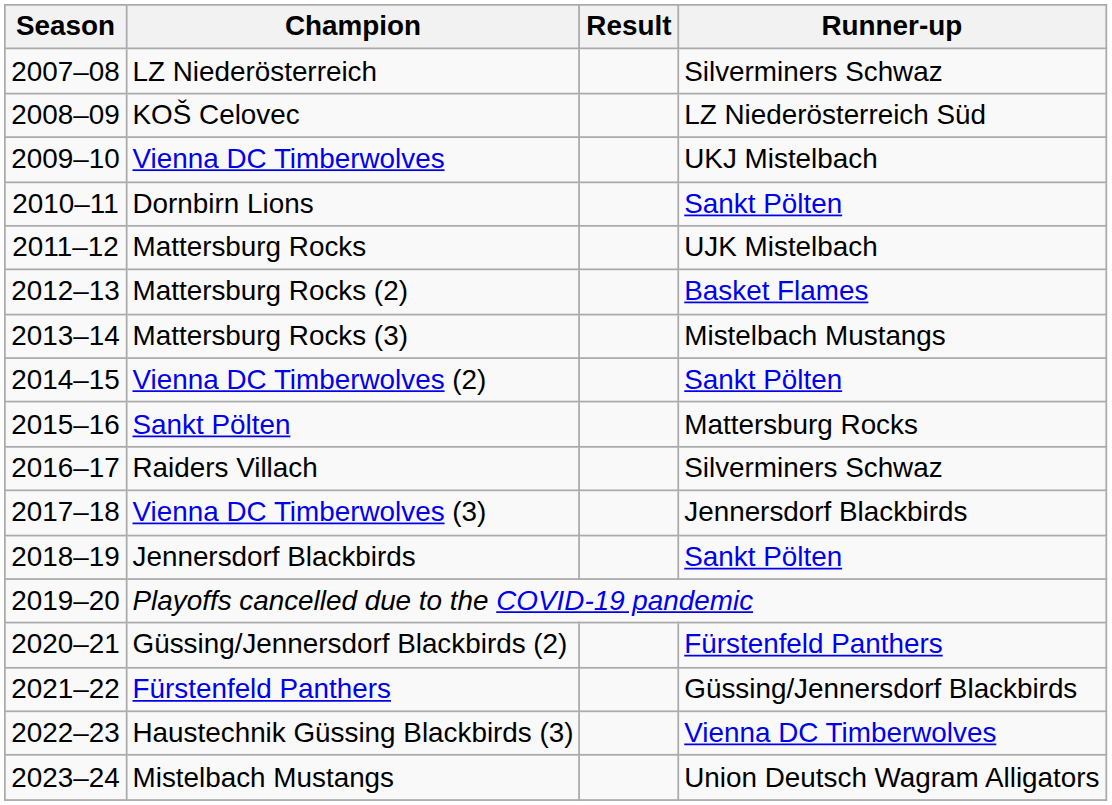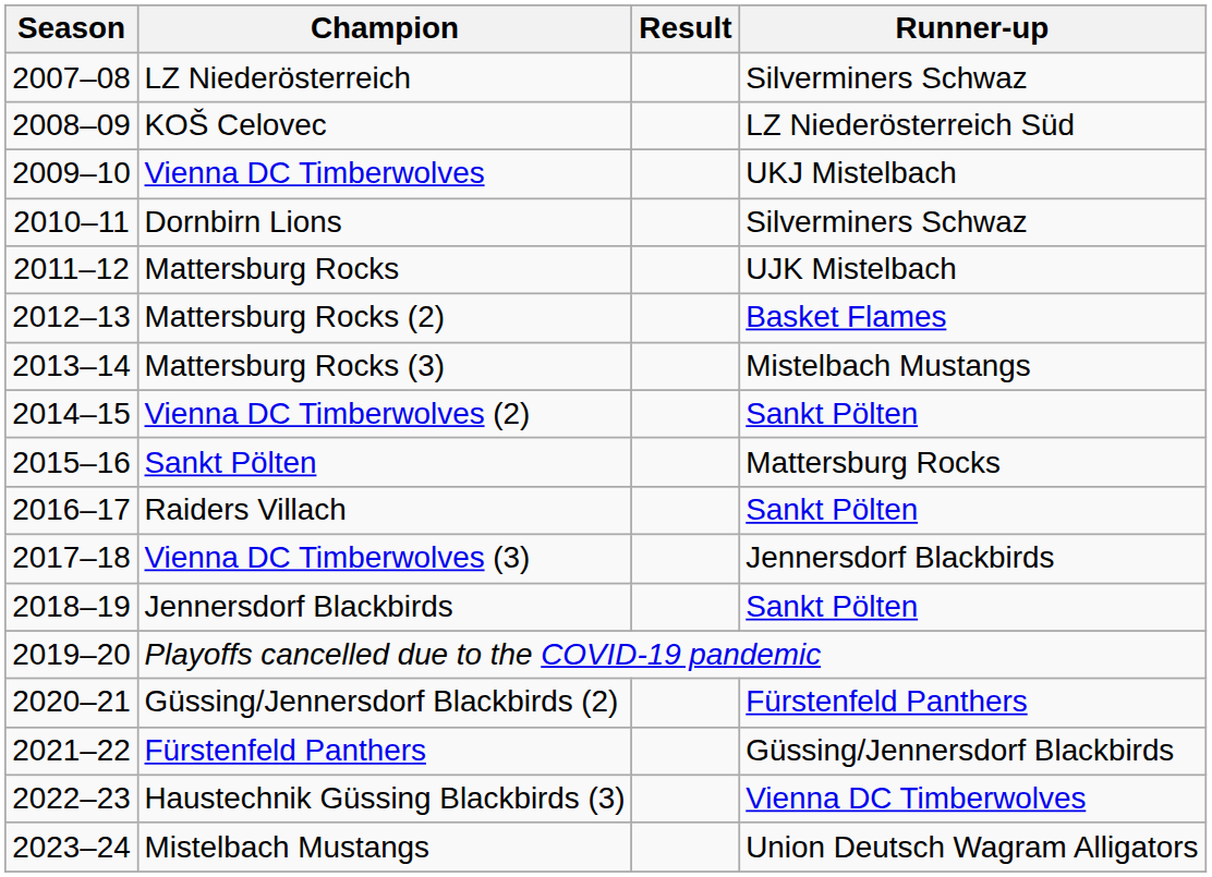 <table class="wikitable sortable">
 <tr>
 <th>Season</th>
 <th>Champion</th>
 <th>Result</th>
 <th>Runner-up</th>
 </tr>
 <tr>
 <td align=center>2007–08</td>
 <td>LZ Niederösterreich</td>
 <td></td>
 <td>Silverminers Schwaz</td>
 </tr>
 <tr>
 <td align=center>2008–09</td>
 <td>KOŠ Celovec</td>
 <td></td>
 <td>LZ Niederösterreich Süd</td>
 </tr>
 <tr>
 <td align=center>2009–10</td>
 <td><a href='#'>Vienna DC Timberwolves</a></td>
 <td></td>
 <td>UKJ Mistelbach</td>
 </tr>
 <tr>
 <td align=center>2010–11</td>
 <td>Dornbirn Lions</td>
 <td></td>
-<td><a href='#'>Sankt Pölten</a></td>
+<td>Silverminers Schwaz</td>
 </tr>
 <tr>
 <td align=center>2011–12</td>
 <td>Mattersburg Rocks</td>
 <td></td>
 <td>UJK Mistelbach</td>
 </tr>
 <tr>
 <td align=center>2012–13</td>
 <td>Mattersburg Rocks (2)</td>
 <td></td>
 <td><a href='#'>Basket Flames</a></td>
 </tr>
 <tr>
 <td align=center>2013–14</td>
 <td>Mattersburg Rocks (3)</td>
 <td></td>
 <td>Mistelbach Mustangs</td>
 </tr>
 <tr>
 <td align=center>2014–15</td>
 <td><a href='#'>Vienna DC Timberwolves</a> (2)</td>
 <td></td>
 <td><a href='#'>Sankt Pölten</a></td>
 </tr>
 <tr>
 <td align=center>2015–16</td>
 <td><a href='#'>Sankt Pölten</a></td>
 <td></td>
 <td>Mattersburg Rocks</td>
 </tr>
 <tr>
 <td align=center>2016–17</td>
 <td>Raiders Villach</td>
 <td></td>
-<td>Silverminers Schwaz</td>
+<td><a href='#'>Sankt Pölten</a></td>
 </tr>
 <tr>
 <td align=center>2017–18</td>
 <td><a href='#'>Vienna DC Timberwolves</a> (3)</td>
 <td></td>
 <td>Jennersdorf Blackbirds</td>
 </tr>
 <tr>
 <td align=center>2018–19</td>
 <td>Jennersdorf Blackbirds</td>
 <td></td>
 <td><a href='#'>Sankt Pölten</a></td>
 </tr>
 <tr>
 <td align=center>2019–20</td>
 <td colspan="3"><em>Playoffs cancelled due to the <a href='#'>COVID-19 pandemic</a></em></td>
 </tr>
 <tr>
 <td align=center>2020–21</td>
 <td>Güssing/Jennersdorf Blackbirds (2)</td>
 <td></td>
 <td><a href='#'>Fürstenfeld Panthers</a></td>
 </tr>
 <tr>
 <td align=center>2021–22</td>
 <td><a href='#'>Fürstenfeld Panthers</a></td>
 <td></td>
 <td>Güssing/Jennersdorf Blackbirds</td>
 </tr>
 <tr>
 <td align=center>2022–23</td>
 <td>Haustechnik Güssing Blackbirds (3)</td>
 <td></td>
 <td><a href='#'>Vienna DC Timberwolves</a></td>
 </tr>
 <tr>
 <td align=center>2023–24</td>
 <td>Mistelbach Mustangs</td>
 <td></td>
 <td>Union Deutsch Wagram Alligators</td>
 </tr>
 </table>
